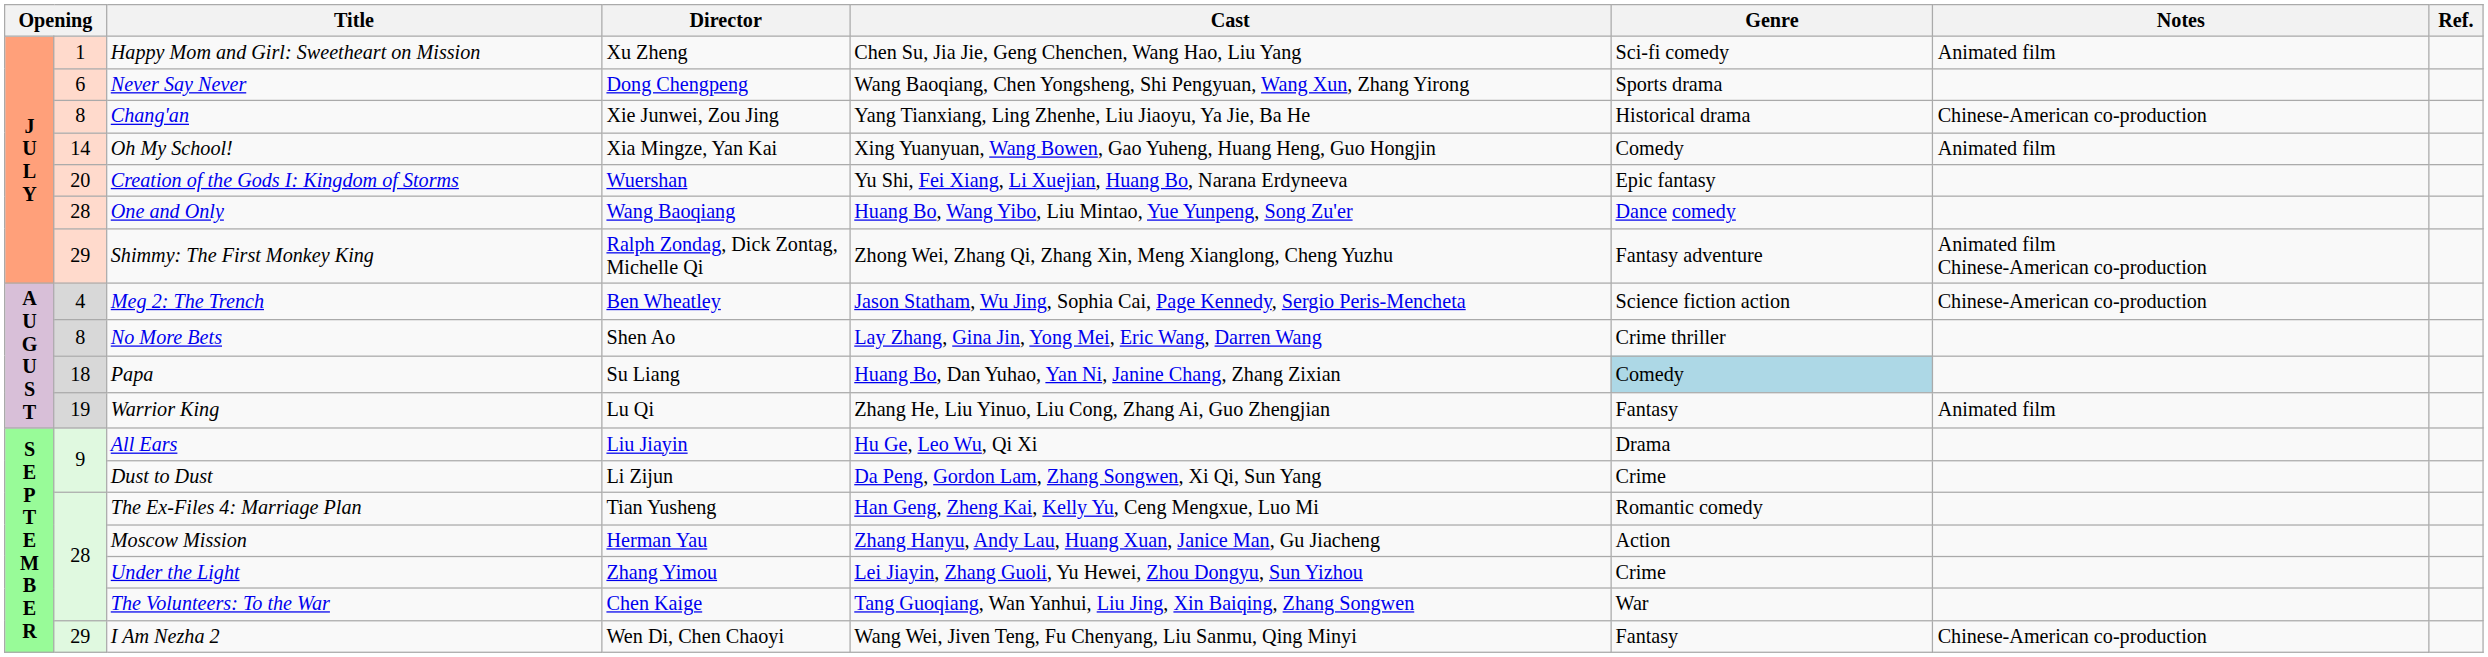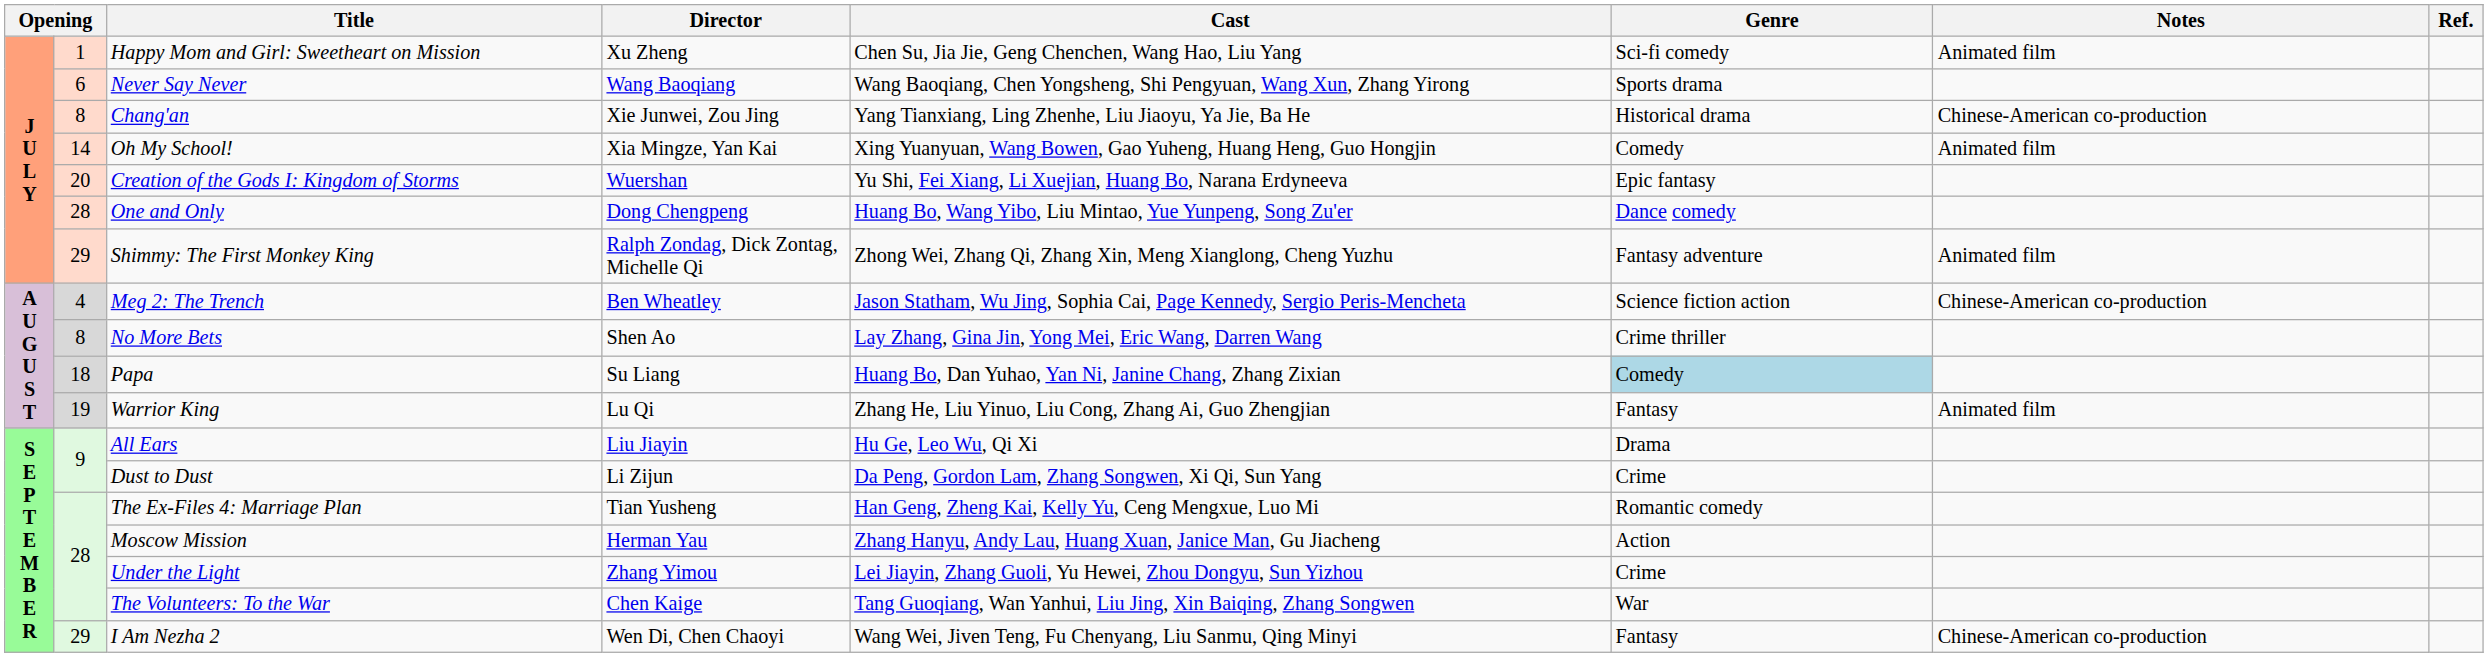 <table class="wikitable">
 <tr>
 <th colspan="2">Opening</th>
 <th style="width:20%;">Title</th>
 <th style="width:10%;">Director</th>
 <th>Cast</th>
 <th style="width:13%">Genre</th>
 <th style="width:20%">Notes</th>
 <th>Ref.</th>
 </tr>
 <tr>
 <th rowspan="7" style="text-align:center; background:#ffa07a; textcolor:#000;">J<br>U<br>L<br>Y</th>
 <td style="text-align:center; background:#ffdacc; textcolor:#000;">1</td>
 <td><em>Happy Mom and Girl: Sweetheart on Mission</em></td>
 <td>Xu Zheng</td>
 <td>Chen Su, Jia Jie, Geng Chenchen, Wang Hao, Liu Yang</td>
 <td>Sci-fi comedy</td>
 <td>Animated film</td>
 <td style="text-align:center;"></td>
 </tr>
 <tr>
 <td style="text-align:center; background:#ffdacc; textcolor:#000;">6</td>
 <td><em><a href='#'>Never Say Never</a></em></td>
-<td><a href='#'>Dong Chengpeng</a></td>
+<td><a href='#'>Wang Baoqiang</a></td>
 <td>Wang Baoqiang, Chen Yongsheng, Shi Pengyuan, <a href='#'>Wang Xun</a>, Zhang Yirong</td>
 <td>Sports drama</td>
 <td></td>
 <td style="text-align:center;"></td>
 </tr>
 <tr>
 <td style="text-align:center; background:#ffdacc; textcolor:#000;">8</td>
 <td><em><a href='#'>Chang'an</a></em></td>
 <td>Xie Junwei, Zou Jing</td>
 <td>Yang Tianxiang, Ling Zhenhe, Liu Jiaoyu, Ya Jie, Ba He</td>
 <td>Historical drama</td>
 <td>Chinese-American co-production</td>
 <td style="text-align:center;"></td>
 </tr>
 <tr>
 <td style="text-align:center; background:#ffdacc; textcolor:#000;">14</td>
 <td><em>Oh My School!</em></td>
 <td>Xia Mingze, Yan Kai</td>
 <td>Xing Yuanyuan, <a href='#'>Wang Bowen</a>, Gao Yuheng, Huang Heng, Guo Hongjin</td>
 <td>Comedy</td>
 <td>Animated film</td>
 <td style="text-align:center;"></td>
 </tr>
 <tr>
 <td style="text-align:center; background:#ffdacc; textcolor:#000;">20</td>
 <td><em><a href='#'>Creation of the Gods I: Kingdom of Storms</a></em></td>
 <td><a href='#'>Wuershan</a></td>
 <td>Yu Shi, <a href='#'>Fei Xiang</a>, <a href='#'>Li Xuejian</a>, <a href='#'>Huang Bo</a>, Narana Erdyneeva</td>
 <td>Epic fantasy</td>
 <td></td>
 <td style="text-align:center;"></td>
 </tr>
 <tr>
 <td style="text-align:center; background:#ffdacc; textcolor:#000;">28</td>
 <td><em><a href='#'>One and Only</a></em></td>
-<td><a href='#'>Wang Baoqiang</a></td>
+<td><a href='#'>Dong Chengpeng</a></td>
 <td><a href='#'>Huang Bo</a>, <a href='#'>Wang Yibo</a>, Liu Mintao, <a href='#'>Yue Yunpeng</a>, <a href='#'>Song Zu'er</a></td>
 <td><a href='#'>Dance</a> <a href='#'>comedy</a></td>
 <td></td>
 <td style="text-align:center;"></td>
 </tr>
 <tr>
 <td style="text-align:center; background:#ffdacc; textcolor:#000;">29</td>
 <td><em>Shimmy: The First Monkey King</em></td>
 <td><a href='#'>Ralph Zondag</a>, Dick Zontag, Michelle Qi</td>
 <td>Zhong Wei, Zhang Qi, Zhang Xin, Meng Xianglong, Cheng Yuzhu</td>
 <td>Fantasy adventure</td>
-<td>Animated film<br>Chinese-American co-production</td>
+<td>Animated film</td>
 <td style="text-align:center;"></td>
 </tr>
 <tr>
 <th rowspan="4" style="text-align:center; background:thistle; textcolor:#000;">A<br>U<br>G<br>U<br>S<br>T</th>
 <td style="text-align:center; background:#d8d8d8; textcolor:#000;">4</td>
 <td><em><a href='#'>Meg 2: The Trench</a></em></td>
 <td><a href='#'>Ben Wheatley</a></td>
 <td><a href='#'>Jason Statham</a>, <a href='#'>Wu Jing</a>, Sophia Cai, <a href='#'>Page Kennedy</a>, <a href='#'>Sergio Peris-Mencheta</a></td>
 <td>Science fiction action</td>
 <td>Chinese-American co-production</td>
 <td style="text-align:center;"></td>
 </tr>
 <tr>
 <td style="text-align:center; background:#d8d8d8; textcolor:#000;">8</td>
 <td><em><a href='#'>No More Bets</a></em></td>
 <td>Shen Ao</td>
 <td><a href='#'>Lay Zhang</a>, <a href='#'>Gina Jin</a>, <a href='#'>Yong Mei</a>, <a href='#'>Eric Wang</a>, <a href='#'>Darren Wang</a></td>
 <td>Crime thriller</td>
 <td></td>
 <td style="text-align:center;"></td>
 </tr>
 <tr>
 <td style="text-align:center; background:#d8d8d8; textcolor:#000;">18</td>
 <td><em>Papa</em></td>
 <td>Su Liang</td>
 <td><a href='#'>Huang Bo</a>, Dan Yuhao, <a href='#'>Yan Ni</a>, <a href='#'>Janine Chang</a>, Zhang Zixian</td>
 <td style="background: lightblue;">Comedy</td>
 <td></td>
 <td style="text-align:center;"></td>
 </tr>
 <tr>
 <td style="text-align:center; background:#d8d8d8; textcolor:#000;">19</td>
 <td><em>Warrior King</em></td>
 <td>Lu Qi</td>
 <td>Zhang He, Liu Yinuo, Liu Cong, Zhang Ai, Guo Zhengjian</td>
 <td>Fantasy</td>
 <td>Animated film</td>
 <td style="text-align:center;"></td>
 </tr>
 <tr>
 <th rowspan="7" style="text-align:center; background:#98fb98; textcolor:#000;">S<br>E<br>P<br>T<br>E<br>M<br>B<br>E<br>R</th>
 <td rowspan="2" style="text-align:center; background:#e0f9e0;">9</td>
 <td><em><a href='#'>All Ears</a></em></td>
 <td><a href='#'>Liu Jiayin</a></td>
 <td><a href='#'>Hu Ge</a>, <a href='#'>Leo Wu</a>, Qi Xi</td>
 <td>Drama</td>
 <td></td>
 <td style="text-align:center;"></td>
 </tr>
 <tr>
 <td><em>Dust to Dust</em></td>
 <td>Li Zijun</td>
 <td><a href='#'>Da Peng</a>, <a href='#'>Gordon Lam</a>, <a href='#'>Zhang Songwen</a>, Xi Qi, Sun Yang</td>
 <td>Crime</td>
 <td></td>
 <td style="text-align:center;"></td>
 </tr>
 <tr>
 <td rowspan="4" style="text-align:center; background:#e0f9e0;">28</td>
 <td><em>The Ex-Files 4: Marriage Plan</em></td>
 <td>Tian Yusheng</td>
 <td><a href='#'>Han Geng</a>, <a href='#'>Zheng Kai</a>, <a href='#'>Kelly Yu</a>, Ceng Mengxue, Luo Mi</td>
 <td>Romantic comedy</td>
 <td></td>
 <td style="text-align:center;"></td>
 </tr>
 <tr>
 <td><em>Moscow Mission</em></td>
 <td><a href='#'>Herman Yau</a></td>
 <td><a href='#'>Zhang Hanyu</a>, <a href='#'>Andy Lau</a>, <a href='#'>Huang Xuan</a>, <a href='#'>Janice Man</a>, Gu Jiacheng</td>
 <td>Action</td>
 <td></td>
 <td style="text-align:center;"></td>
 </tr>
 <tr>
 <td><em><a href='#'>Under the Light</a></em></td>
 <td><a href='#'>Zhang Yimou</a></td>
 <td><a href='#'>Lei Jiayin</a>, <a href='#'>Zhang Guoli</a>, Yu Hewei, <a href='#'>Zhou Dongyu</a>, <a href='#'>Sun Yizhou</a></td>
 <td>Crime</td>
 <td></td>
 <td style="text-align:center;"></td>
 </tr>
 <tr>
 <td><em><a href='#'>The Volunteers: To the War</a></em></td>
 <td><a href='#'>Chen Kaige</a></td>
 <td><a href='#'>Tang Guoqiang</a>, Wan Yanhui, <a href='#'>Liu Jing</a>, <a href='#'>Xin Baiqing</a>, <a href='#'>Zhang Songwen</a></td>
 <td>War</td>
 <td></td>
 <td style="text-align:center;"></td>
 </tr>
 <tr>
 <td style="text-align:center; background:#e0f9e0;">29</td>
 <td><em>I Am Nezha 2</em></td>
 <td>Wen Di, Chen Chaoyi</td>
 <td>Wang Wei, Jiven Teng, Fu Chenyang, Liu Sanmu, Qing Minyi</td>
 <td>Fantasy</td>
 <td>Chinese-American co-production</td>
 <td style="text-align:center;"></td>
 </tr>
 </table>
